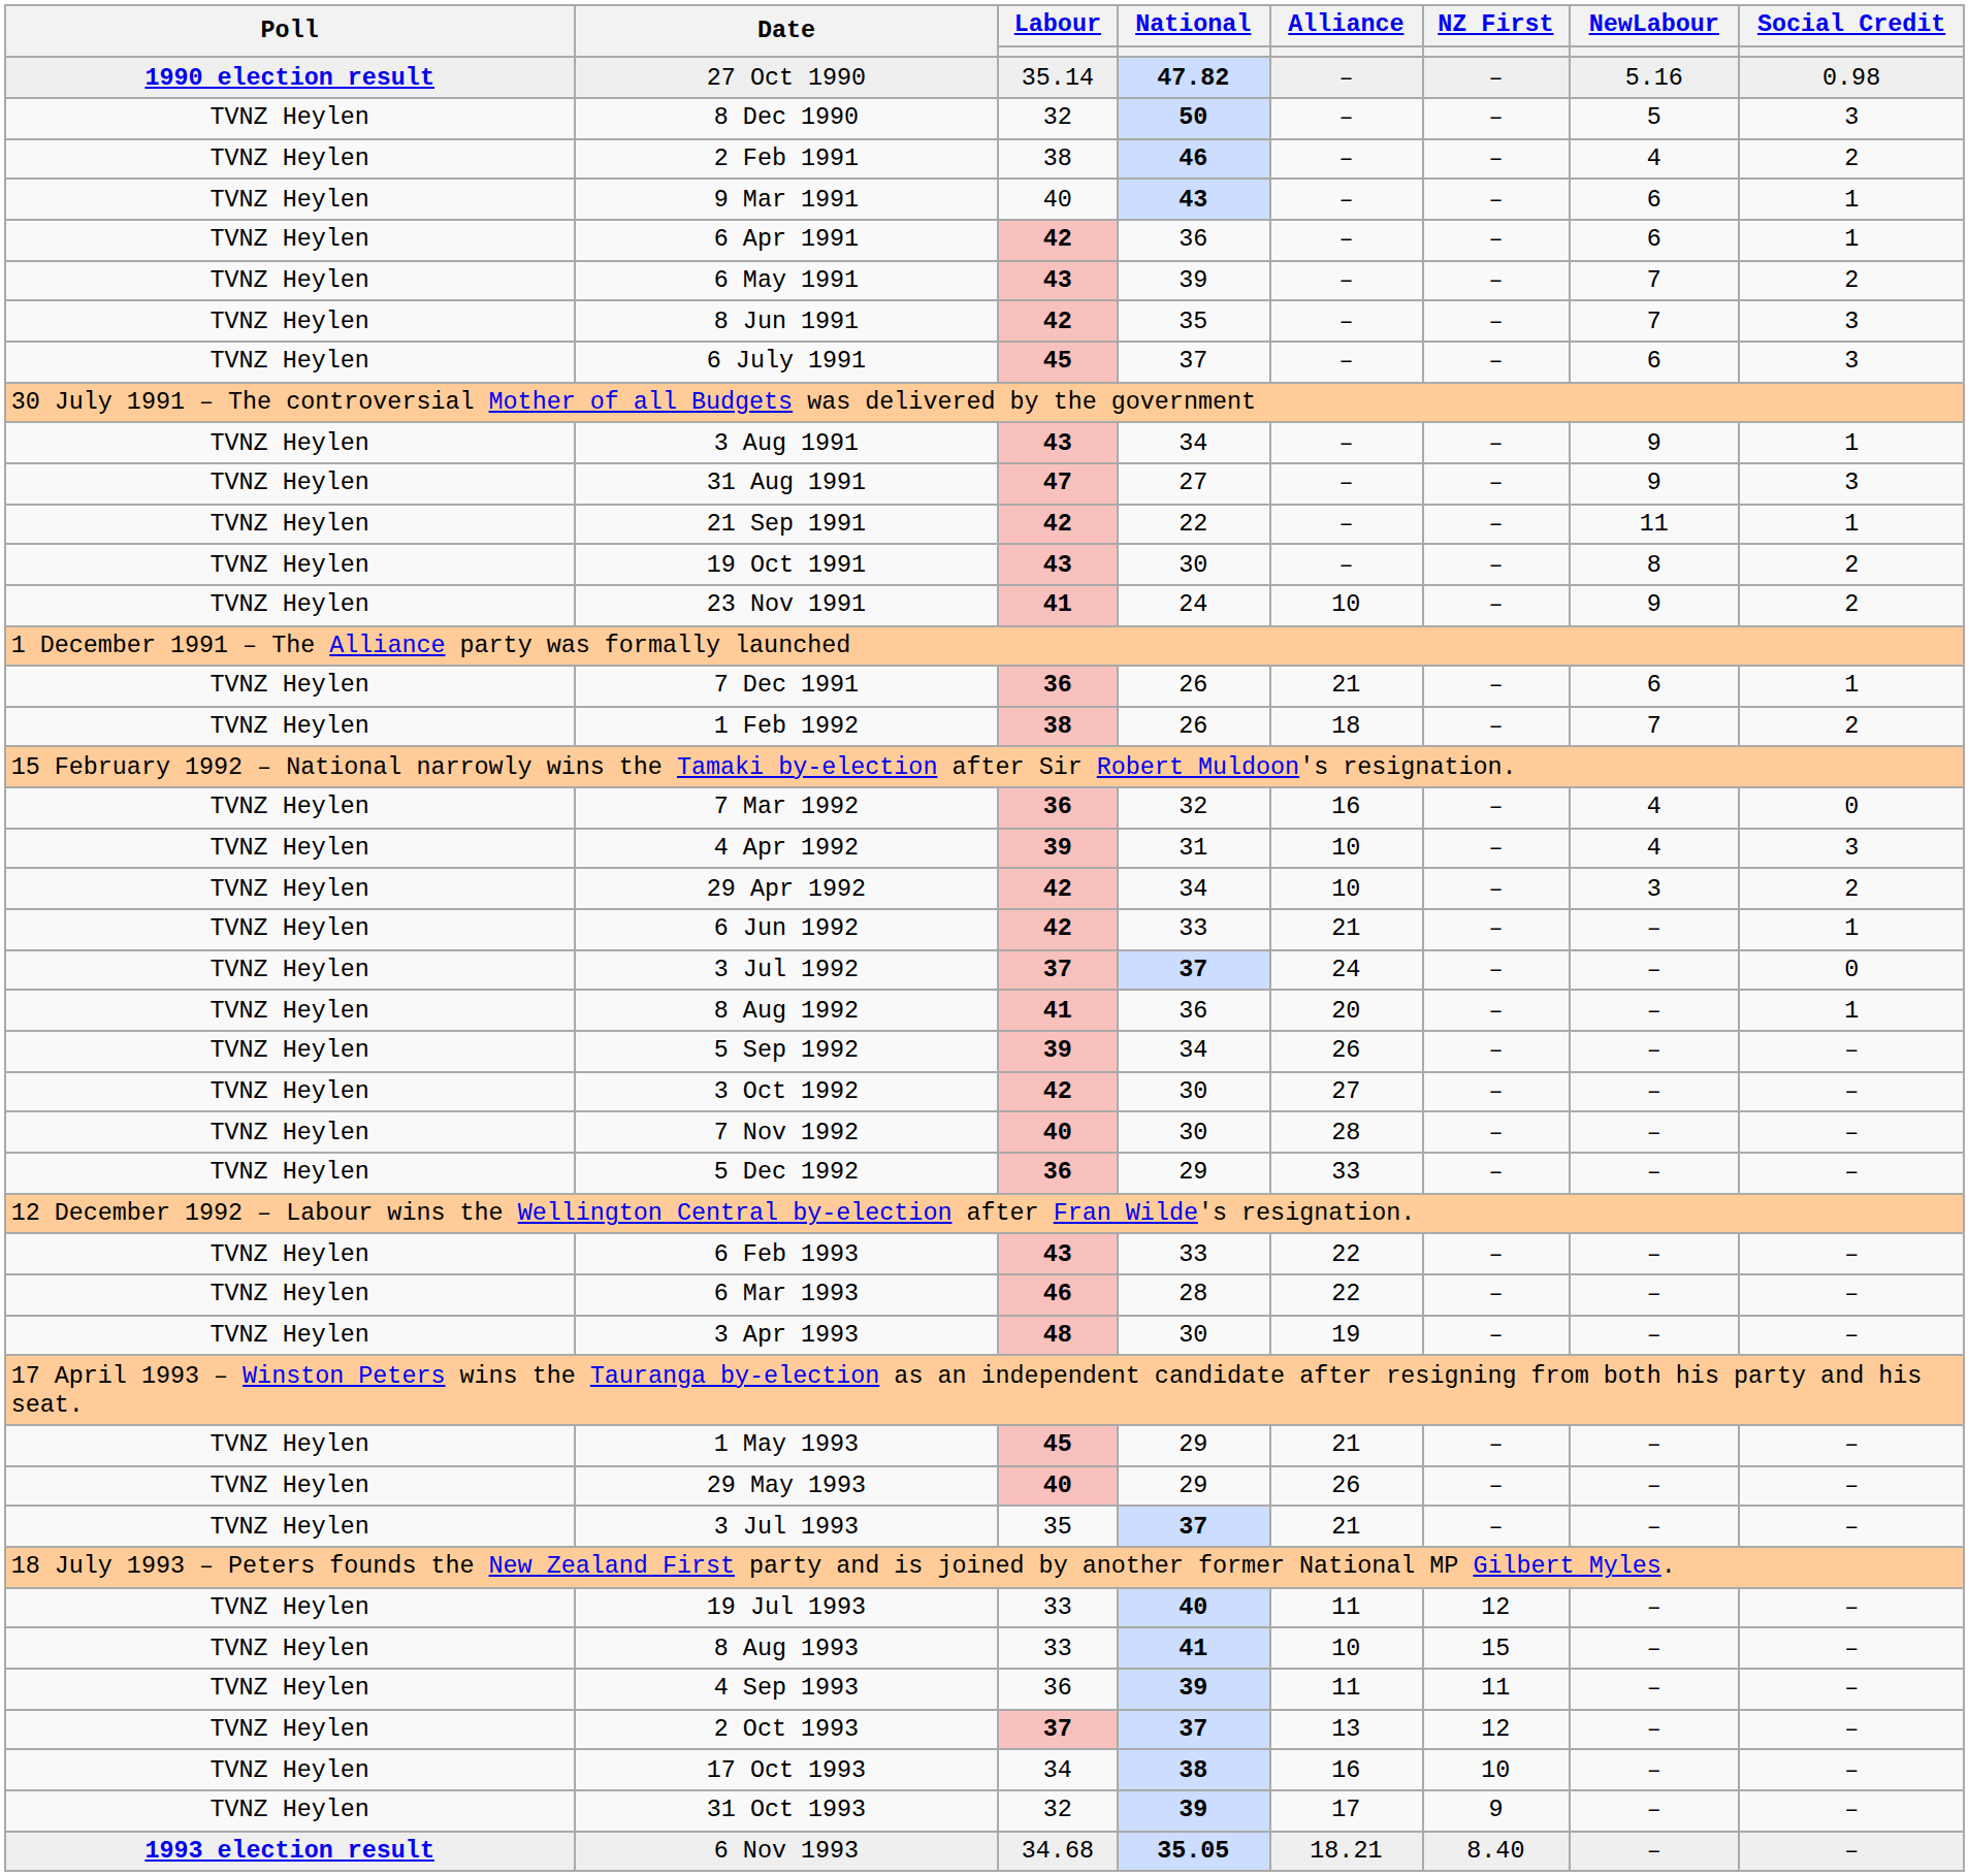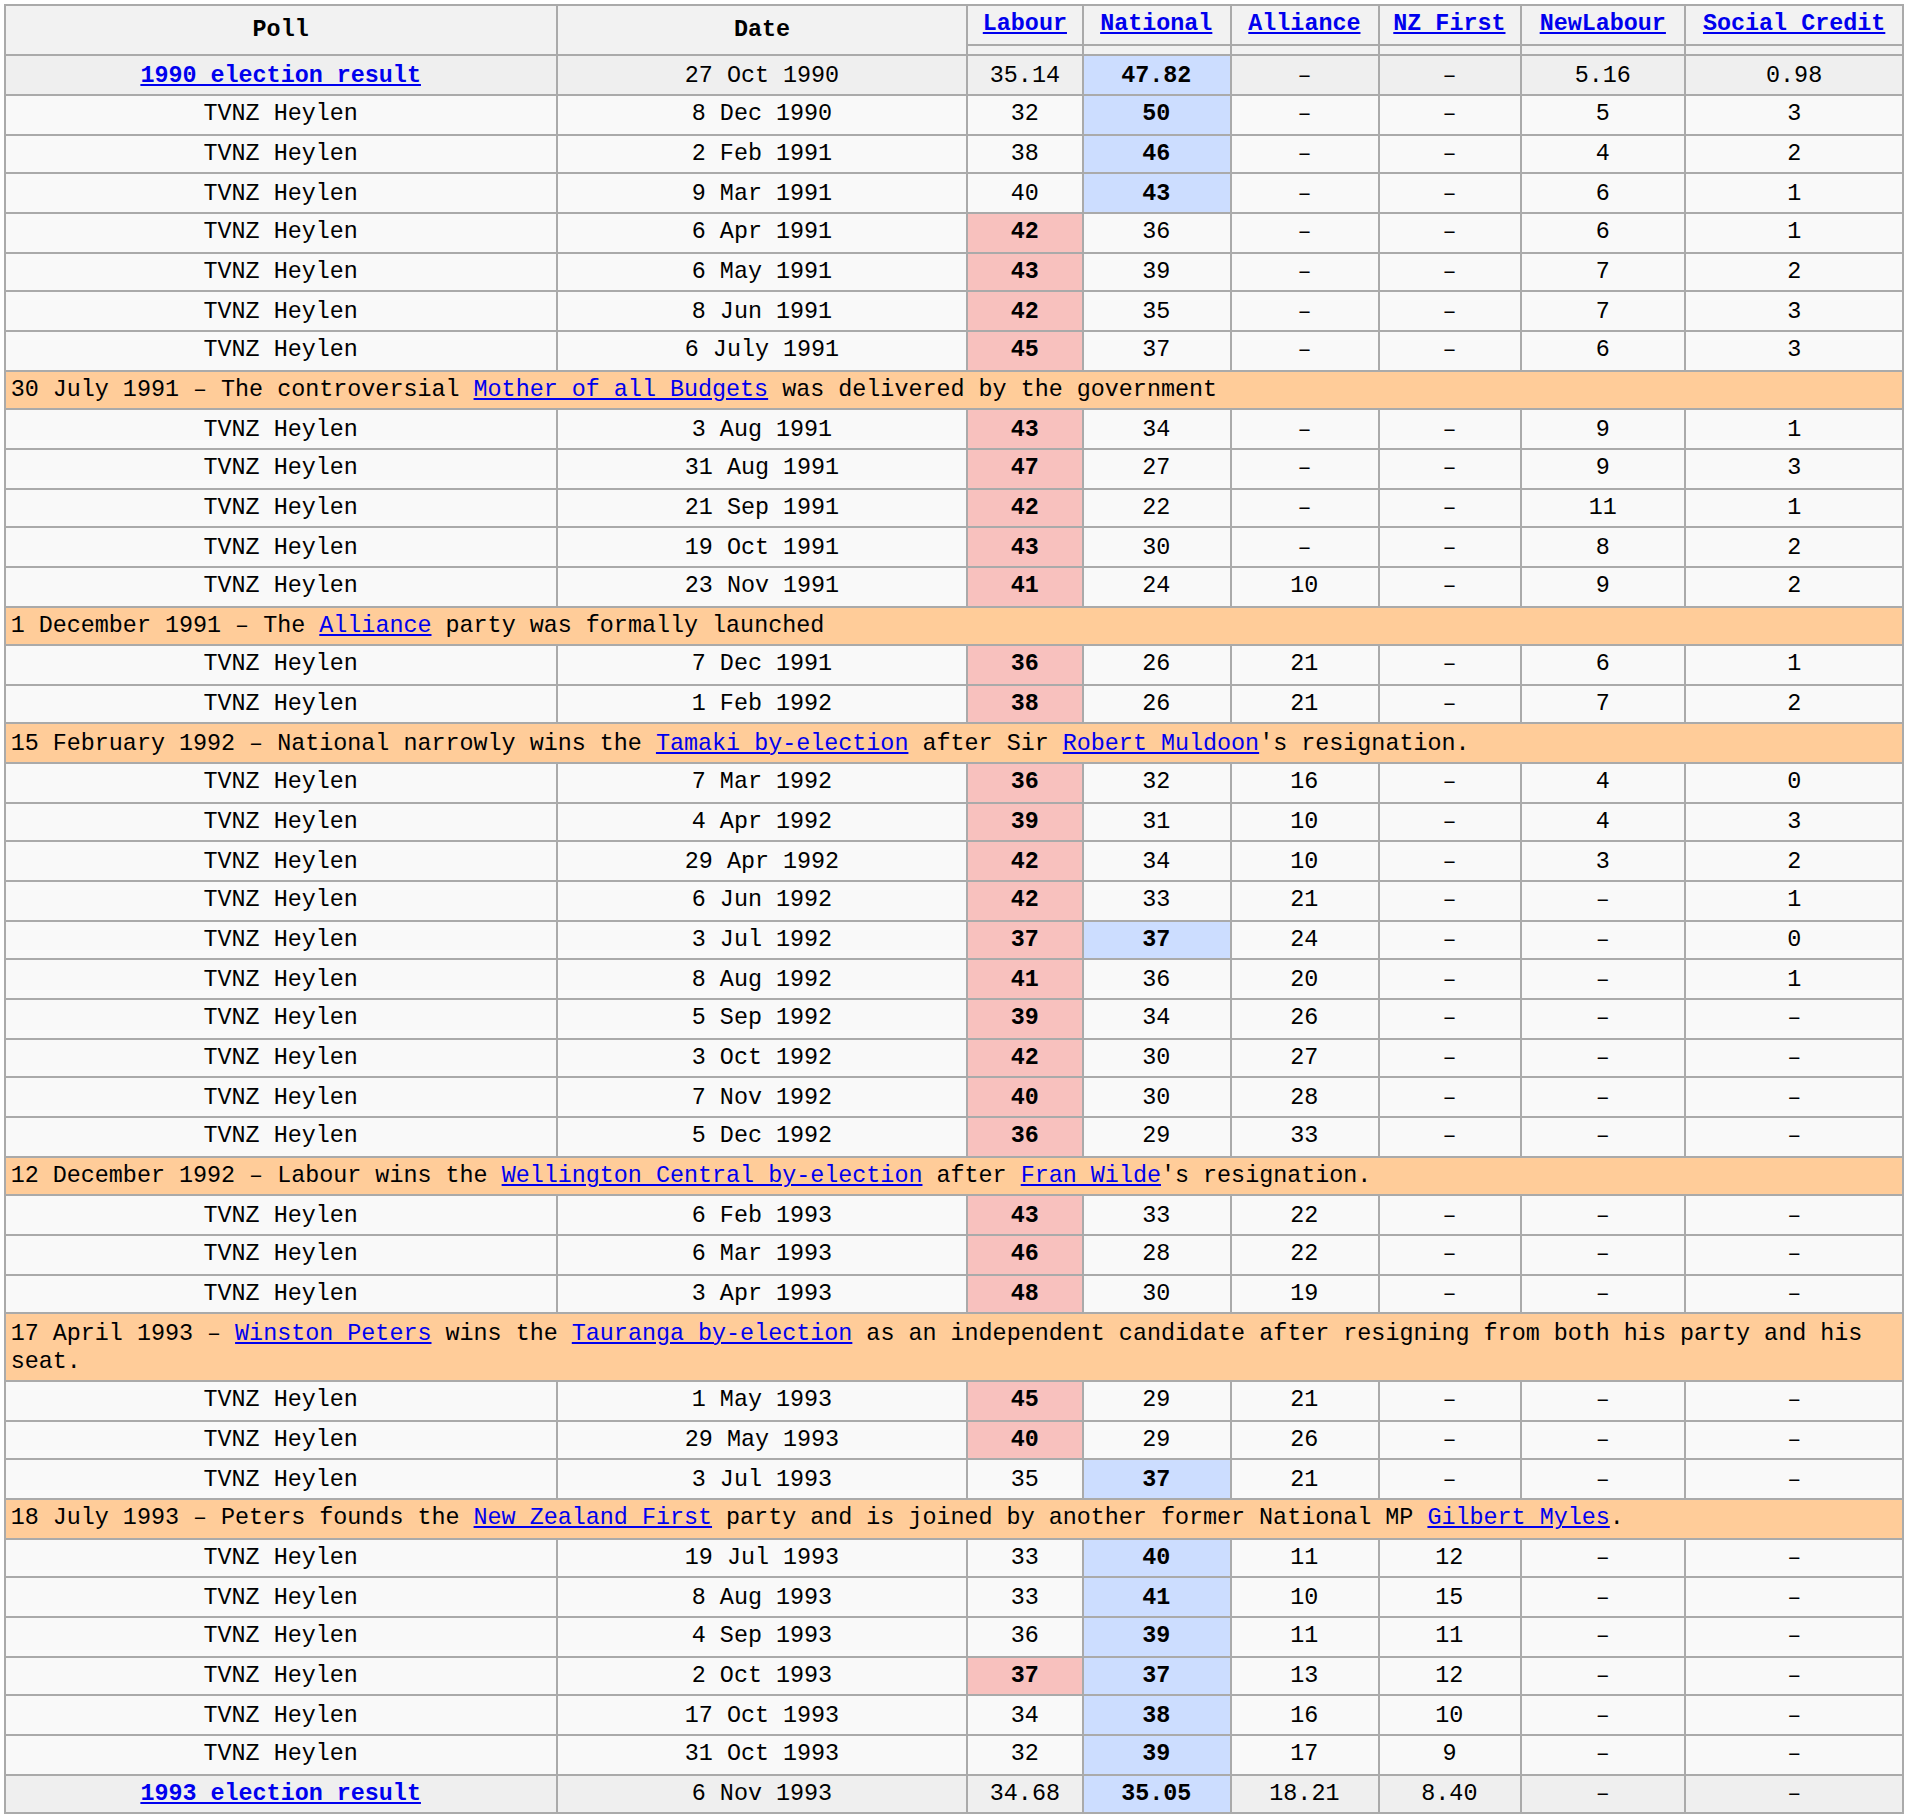 <table class="wikitable sortable" style="width:950px;font-size:90%;line-height:14px;text-align:center;">
 <tr>
 <th style="width:270px;" rowspan="2">Poll</th>
 <th style="width:200px;" rowspan="2">Date</th>
 <th><a href='#'>Labour</a></th>
 <th><a href='#'>National</a></th>
 <th><a href='#'>Alliance</a></th>
 <th><a href='#'>NZ First</a></th>
 <th><a href='#'>NewLabour</a></th>
 <th><a href='#'>Social Credit</a></th>
 </tr>
 <tr>
 <th class="unsortable" style="color:inherit;background:"></th>
 <th class="unsortable" style="color:inherit;background:"></th>
 <th class="unsortable" style="color:inherit;background:"></th>
 <th class="unsortable" style="color:inherit;background:"></th>
 <th class="unsortable" style="color:inherit;background:"></th>
 <th class="unsortable" style="color:inherit;background:"></th>
 </tr>
 <tr>
 </tr>
 <tr style="background:#EFEFEF; font-weight:italic;">
 <td><strong><a href='#'>1990 election result</a></strong></td>
 <td data-sort-value="1990-10-27">27 Oct 1990</td>
 <td>35.14</td>
 <td style="background:#CCDDFF"><strong>47.82</strong></td>
 <td>–</td>
 <td>–</td>
 <td>5.16</td>
 <td>0.98</td>
 </tr>
 <tr>
 <td>TVNZ Heylen</td>
 <td data-sort-value="1990-12-08">8 Dec 1990</td>
 <td>32</td>
 <td style="background:#CCDDFF"><strong>50</strong></td>
 <td>–</td>
 <td>–</td>
 <td>5</td>
 <td>3</td>
 </tr>
 <tr>
 <td>TVNZ Heylen</td>
 <td data-sort-value="1991-02-02">2 Feb 1991</td>
 <td>38</td>
 <td style="background:#CCDDFF"><strong>46</strong></td>
 <td>–</td>
 <td>–</td>
 <td>4</td>
 <td>2</td>
 </tr>
 <tr>
 <td>TVNZ Heylen</td>
 <td data-sort-value="1991-03-09">9 Mar 1991</td>
 <td>40</td>
 <td style="background:#CCDDFF"><strong>43</strong></td>
 <td>–</td>
 <td>–</td>
 <td>6</td>
 <td>1</td>
 </tr>
 <tr>
 <td>TVNZ Heylen</td>
 <td data-sort-value="1991-04-06">6 Apr 1991</td>
 <td style="background:#F8C1BE"><strong>42</strong></td>
 <td>36</td>
 <td>–</td>
 <td>–</td>
 <td>6</td>
 <td>1</td>
 </tr>
 <tr>
 <td>TVNZ Heylen</td>
 <td data-sort-value="1991-05-06">6 May 1991</td>
 <td style="background:#F8C1BE"><strong>43</strong></td>
 <td>39</td>
 <td>–</td>
 <td>–</td>
 <td>7</td>
 <td>2</td>
 </tr>
 <tr>
 <td>TVNZ Heylen</td>
 <td data-sort-value="1991-06-08">8 Jun 1991</td>
 <td style="background:#F8C1BE"><strong>42</strong></td>
 <td>35</td>
 <td>–</td>
 <td>–</td>
 <td>7</td>
 <td>3</td>
 </tr>
 <tr>
 <td>TVNZ Heylen</td>
 <td data-sort-value="1991-07-06">6 July 1991</td>
 <td style="background:#F8C1BE"><strong>45</strong></td>
 <td>37</td>
 <td>–</td>
 <td>–</td>
 <td>6</td>
 <td>3</td>
 </tr>
 <tr>
 </tr>
 <tr>
 <td colspan="8" style="background:#fc9;text-align:left;">30 July 1991 – The controversial <a href='#'>Mother of all Budgets</a> was delivered by the government</td>
 </tr>
 <tr>
 <td>TVNZ Heylen</td>
 <td data-sort-value="1991-08-03">3 Aug 1991</td>
 <td style="background:#F8C1BE"><strong>43</strong></td>
 <td>34</td>
 <td>–</td>
 <td>–</td>
 <td>9</td>
 <td>1</td>
 </tr>
 <tr>
 <td>TVNZ Heylen</td>
 <td data-sort-value="1991-08-31">31 Aug 1991</td>
 <td style="background:#F8C1BE"><strong>47</strong></td>
 <td>27</td>
 <td>–</td>
 <td>–</td>
 <td>9</td>
 <td>3</td>
 </tr>
 <tr>
 <td>TVNZ Heylen</td>
 <td data-sort-value="1991-09-21">21 Sep 1991</td>
 <td style="background:#F8C1BE"><strong>42</strong></td>
 <td>22</td>
 <td>–</td>
 <td>–</td>
 <td>11</td>
 <td>1</td>
 </tr>
 <tr>
 <td>TVNZ Heylen</td>
 <td data-sort-value="1991-10-19">19 Oct 1991</td>
 <td style="background:#F8C1BE"><strong>43</strong></td>
 <td>30</td>
 <td>–</td>
 <td>–</td>
 <td>8</td>
 <td>2</td>
 </tr>
 <tr>
 <td>TVNZ Heylen</td>
 <td data-sort-value="1991-11-23">23 Nov 1991</td>
 <td style="background:#F8C1BE"><strong>41</strong></td>
 <td>24</td>
 <td>10</td>
 <td>–</td>
 <td>9</td>
 <td>2</td>
 </tr>
 <tr>
 <td colspan="8" style="background:#fc9;text-align:left;">1 December 1991 – The <a href='#'>Alliance</a> party was formally launched</td>
 </tr>
 <tr>
 <td>TVNZ Heylen</td>
 <td data-sort-value="1991-12-07">7 Dec 1991</td>
 <td style="background:#F8C1BE"><strong>36</strong></td>
 <td>26</td>
 <td>21</td>
 <td>–</td>
 <td>6</td>
 <td>1</td>
 </tr>
 <tr>
 <td>TVNZ Heylen</td>
 <td data-sort-value="1992-02-01">1 Feb 1992</td>
 <td style="background:#F8C1BE"><strong>38</strong></td>
 <td>26</td>
-<td>18</td>
+<td>21</td>
 <td>–</td>
 <td>7</td>
 <td>2</td>
 </tr>
 <tr>
 <td colspan="8" style="background:#fc9;text-align:left;">15 February 1992 – National narrowly wins the <a href='#'>Tamaki by-election</a> after Sir <a href='#'>Robert Muldoon</a>'s resignation.</td>
 </tr>
 <tr>
 <td>TVNZ Heylen</td>
 <td data-sort-value="1992-03-07">7 Mar 1992</td>
 <td style="background:#F8C1BE"><strong>36</strong></td>
 <td>32</td>
 <td>16</td>
 <td>–</td>
 <td>4</td>
 <td>0</td>
 </tr>
 <tr>
 <td>TVNZ Heylen</td>
 <td data-sort-value="1992-04-04">4 Apr 1992</td>
 <td style="background:#F8C1BE"><strong>39</strong></td>
 <td>31</td>
 <td>10</td>
 <td>–</td>
 <td>4</td>
 <td>3</td>
 </tr>
 <tr>
 <td>TVNZ Heylen</td>
 <td data-sort-value="1992-04-29">29 Apr 1992</td>
 <td style="background:#F8C1BE"><strong>42</strong></td>
 <td>34</td>
 <td>10</td>
 <td>–</td>
 <td>3</td>
 <td>2</td>
 </tr>
 <tr>
 <td>TVNZ Heylen</td>
 <td data-sort-value="1992-06-06">6 Jun 1992</td>
 <td style="background:#F8C1BE"><strong>42</strong></td>
 <td>33</td>
 <td>21</td>
 <td>–</td>
 <td>–</td>
 <td>1</td>
 </tr>
 <tr>
 <td>TVNZ Heylen</td>
 <td data-sort-value="1992-07-03">3 Jul 1992</td>
 <td style="background:#F8C1BE"><strong>37</strong></td>
 <td style="background:#CCDDFF"><strong>37</strong></td>
 <td>24</td>
 <td>–</td>
 <td>–</td>
 <td>0</td>
 </tr>
 <tr>
 <td>TVNZ Heylen</td>
 <td data-sort-value="1992-08-08">8 Aug 1992</td>
 <td style="background:#F8C1BE"><strong>41</strong></td>
 <td>36</td>
 <td>20</td>
 <td>–</td>
 <td>–</td>
 <td>1</td>
 </tr>
 <tr>
 <td>TVNZ Heylen</td>
 <td data-sort-value="1992-09-05">5 Sep 1992</td>
 <td style="background:#F8C1BE"><strong>39</strong></td>
 <td>34</td>
 <td>26</td>
 <td>–</td>
 <td>–</td>
 <td>–</td>
 </tr>
 <tr>
 <td>TVNZ Heylen</td>
 <td data-sort-value="1992-10-03">3 Oct 1992</td>
 <td style="background:#F8C1BE"><strong>42</strong></td>
 <td>30</td>
 <td>27</td>
 <td>–</td>
 <td>–</td>
 <td>–</td>
 </tr>
 <tr>
 <td>TVNZ Heylen</td>
 <td data-sort-value="1992-11-07">7 Nov 1992</td>
 <td style="background:#F8C1BE"><strong>40</strong></td>
 <td>30</td>
 <td>28</td>
 <td>–</td>
 <td>–</td>
 <td>–</td>
 </tr>
 <tr>
 <td>TVNZ Heylen</td>
 <td data-sort-value="1992-12-05">5 Dec 1992</td>
 <td style="background:#F8C1BE"><strong>36</strong></td>
 <td>29</td>
 <td>33</td>
 <td>–</td>
 <td>–</td>
 <td>–</td>
 </tr>
 <tr>
 <td colspan="8" style="background:#fc9;text-align:left;">12 December 1992 – Labour wins the <a href='#'>Wellington Central by-election</a> after <a href='#'>Fran Wilde</a>'s resignation.</td>
 </tr>
 <tr>
 <td>TVNZ Heylen</td>
 <td data-sort-value="1993-02-06">6 Feb 1993</td>
 <td style="background:#F8C1BE"><strong>43</strong></td>
 <td>33</td>
 <td>22</td>
 <td>–</td>
 <td>–</td>
 <td>–</td>
 </tr>
 <tr>
 <td>TVNZ Heylen</td>
 <td data-sort-value="1993-03-06">6 Mar 1993</td>
 <td style="background:#F8C1BE"><strong>46</strong></td>
 <td>28</td>
 <td>22</td>
 <td>–</td>
 <td>–</td>
 <td>–</td>
 </tr>
 <tr>
 <td>TVNZ Heylen</td>
 <td data-sort-value="1993-04-03">3 Apr 1993</td>
 <td style="background:#F8C1BE"><strong>48</strong></td>
 <td>30</td>
 <td>19</td>
 <td>–</td>
 <td>–</td>
 <td>–</td>
 </tr>
 <tr>
 <td colspan="8" style="background:#fc9;text-align:left;">17 April 1993 – <a href='#'>Winston Peters</a> wins the <a href='#'>Tauranga by-election</a> as an independent candidate after resigning from both his party and his seat.</td>
 </tr>
 <tr>
 <td>TVNZ Heylen</td>
 <td data-sort-value="1993-05-01">1 May 1993</td>
 <td style="background:#F8C1BE"><strong>45</strong></td>
 <td>29</td>
 <td>21</td>
 <td>–</td>
 <td>–</td>
 <td>–</td>
 </tr>
 <tr>
 <td>TVNZ Heylen</td>
 <td data-sort-value="1993-05-29">29 May 1993</td>
 <td style="background:#F8C1BE"><strong>40</strong></td>
 <td>29</td>
 <td>26</td>
 <td>–</td>
 <td>–</td>
 <td>–</td>
 </tr>
 <tr>
 <td>TVNZ Heylen</td>
 <td data-sort-value="1993-07-03">3 Jul 1993</td>
 <td>35</td>
 <td style="background:#CCDDFF"><strong>37</strong></td>
 <td>21</td>
 <td>–</td>
 <td>–</td>
 <td>–</td>
 </tr>
 <tr>
 <td colspan="8" style="background:#fc9;text-align:left;">18 July 1993 – Peters founds the <a href='#'>New Zealand First</a> party and is joined by another former National MP <a href='#'>Gilbert Myles</a>.</td>
 </tr>
 <tr>
 <td>TVNZ Heylen</td>
 <td data-sort-value="1993-07-19">19 Jul 1993</td>
 <td>33</td>
 <td style="background:#CCDDFF"><strong>40</strong></td>
 <td>11</td>
 <td>12</td>
 <td>–</td>
 <td>–</td>
 </tr>
 <tr>
 <td>TVNZ Heylen</td>
 <td data-sort-value="1993-08-08">8 Aug 1993</td>
 <td>33</td>
 <td style="background:#CCDDFF"><strong>41</strong></td>
 <td>10</td>
 <td>15</td>
 <td>–</td>
 <td>–</td>
 </tr>
 <tr>
 <td>TVNZ Heylen</td>
 <td data-sort-value="1993-09-04">4 Sep 1993</td>
 <td>36</td>
 <td style="background:#CCDDFF"><strong>39</strong></td>
 <td>11</td>
 <td>11</td>
 <td>–</td>
 <td>–</td>
 </tr>
 <tr>
 <td>TVNZ Heylen</td>
 <td data-sort-value="1993-10-02">2 Oct 1993</td>
 <td style="background:#F8C1BE"><strong>37</strong></td>
 <td style="background:#CCDDFF"><strong>37</strong></td>
 <td>13</td>
 <td>12</td>
 <td>–</td>
 <td>–</td>
 </tr>
 <tr>
 <td>TVNZ Heylen</td>
 <td data-sort-value="1993-10-17">17 Oct 1993</td>
 <td>34</td>
 <td style="background:#CCDDFF"><strong>38</strong></td>
 <td>16</td>
 <td>10</td>
 <td>–</td>
 <td>–</td>
 </tr>
 <tr>
 <td>TVNZ Heylen</td>
 <td data-sort-value="1993-10-31">31 Oct 1993</td>
 <td>32</td>
 <td style="background:#CCDDFF"><strong>39</strong></td>
 <td>17</td>
 <td>9</td>
 <td>–</td>
 <td>–</td>
 </tr>
 <tr>
 </tr>
 <tr style="background:#EFEFEF; font-weight:italic;">
 <td><strong><a href='#'>1993 election result</a></strong></td>
 <td data-sort-value="1993-11-06">6 Nov 1993</td>
 <td>34.68</td>
 <td style="background:#CCDDFF"><strong>35.05</strong></td>
 <td>18.21</td>
 <td>8.40</td>
 <td>–</td>
 <td>–</td>
 </tr>
 <tr>
 </tr>
 </table>
